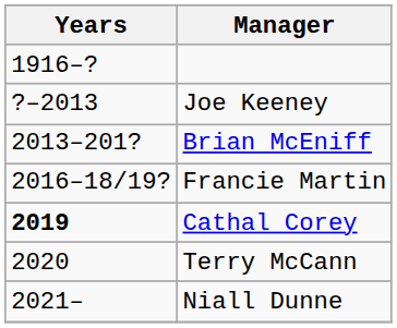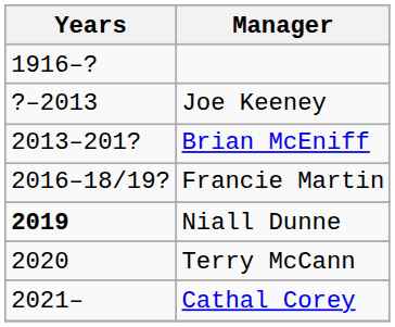 <table class="wikitable">
 <tr>
 <th>Years</th>
 <th>Manager</th>
 </tr>
 <tr>
 <td>1916–?</td>
 <td></td>
 </tr>
 <tr>
 <td>?–2013</td>
 <td>Joe Keeney</td>
 </tr>
 <tr>
 <td>2013–201?</td>
 <td><a href='#'>Brian McEniff</a></td>
 </tr>
 <tr>
 <td>2016–18/19?</td>
 <td>Francie Martin</td>
 </tr>
 <tr>
 <td><strong>2019</strong></td>
-<td><a href='#'>Cathal Corey</a></td>
+<td>Niall Dunne</td>
 </tr>
 <tr>
 <td>2020</td>
 <td>Terry McCann</td>
 </tr>
 <tr>
 <td>2021–</td>
-<td>Niall Dunne</td>
+<td><a href='#'>Cathal Corey</a></td>
 </tr>
 <tr>
 </tr>
 </table>
